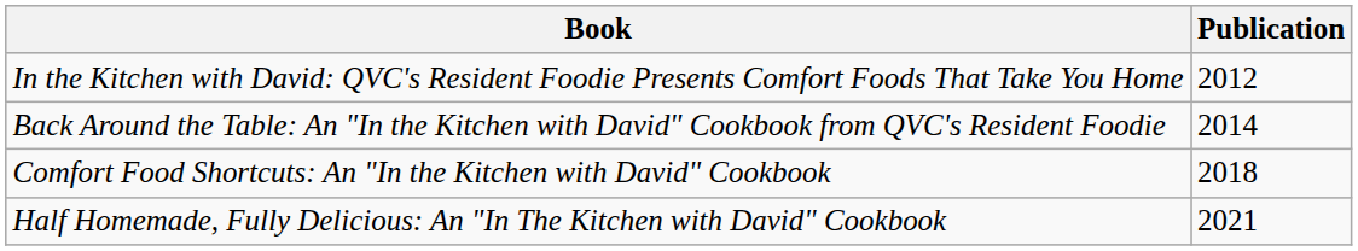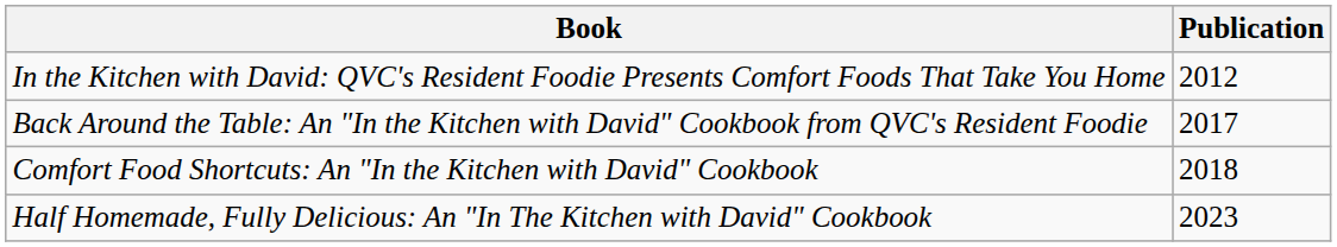 <table class="wikitable sortable">
 <tr>
 <th>Book</th>
 <th>Publication</th>
 </tr>
 <tr>
 <td><em>In the Kitchen with David: QVC's Resident Foodie Presents Comfort Foods That Take You Home</em></td>
 <td>2012</td>
 </tr>
 <tr>
 <td><em>Back Around the Table: An "In the Kitchen with David" Cookbook from QVC's Resident Foodie</em></td>
-<td>2014</td>
+<td>2017</td>
 </tr>
 <tr>
 <td><em>Comfort Food Shortcuts: An "In the Kitchen with David" Cookbook</em></td>
 <td>2018</td>
 </tr>
 <tr>
 <td><em>Half Homemade, Fully Delicious: An "In The Kitchen with David" Cookbook</em></td>
-<td>2021</td>
+<td>2023</td>
 </tr>
 </table>
